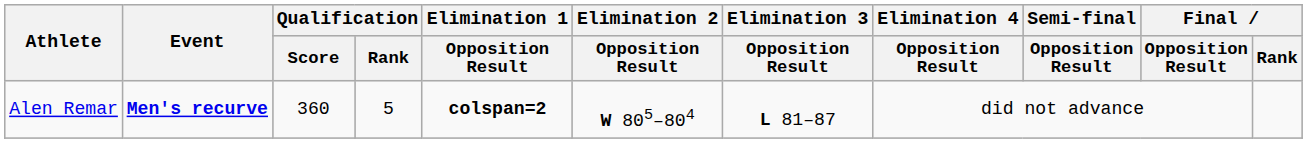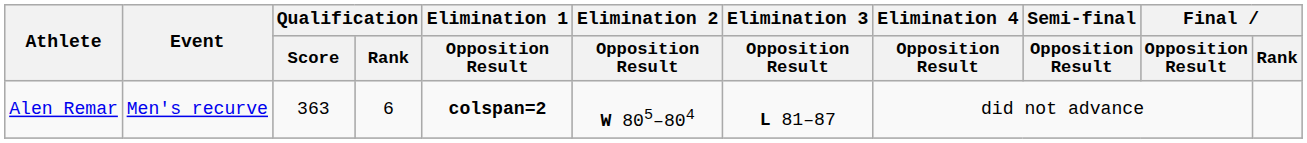 <table class=wikitable style=font-size:90%;text-align:center>
 <tr>
 <th rowspan=2>Athlete</th>
 <th rowspan=2>Event</th>
 <th colspan=2>Qualification</th>
 <th>Elimination 1</th>
 <th>Elimination 2</th>
 <th>Elimination 3</th>
 <th>Elimination 4</th>
 <th>Semi-final</th>
 <th colspan=2>Final / </th>
 </tr>
 <tr style=font-size:95%>
 <th>Score</th>
 <th>Rank</th>
 <th>Opposition<br>Result</th>
 <th>Opposition<br>Result</th>
 <th>Opposition<br>Result</th>
 <th>Opposition<br>Result</th>
 <th>Opposition<br>Result</th>
 <th>Opposition<br>Result</th>
 <th>Rank</th>
 </tr>
 <tr>
 <td align=left><a href='#'>Alen Remar</a></td>
-<td align=left><strong><a href='#'>Men's recurve</a></strong></td>
-<td>360</td>
-<td>5</td>
+<td align=left><a href='#'>Men's recurve</a></td>
+<td>363</td>
+<td>6</td>
 <td><strong>colspan=2 </strong></td>
 <td><br><strong>W</strong> 80<sup>5</sup>–80<sup>4</sup></td>
 <td><br><strong>L</strong> 81–87</td>
 <td colspan=3>did not advance</td>
 </tr>
 </table>
